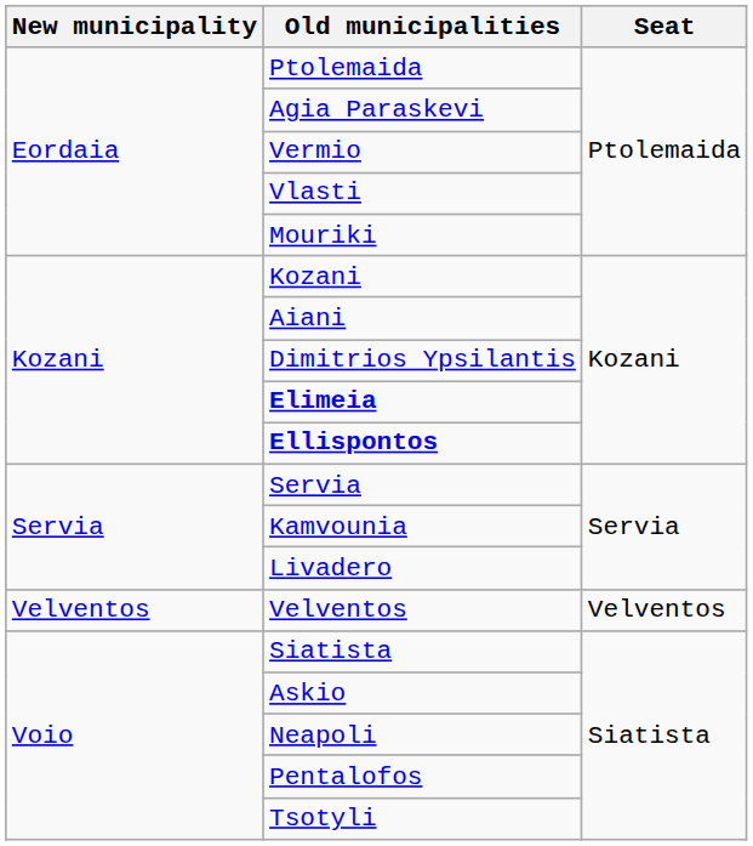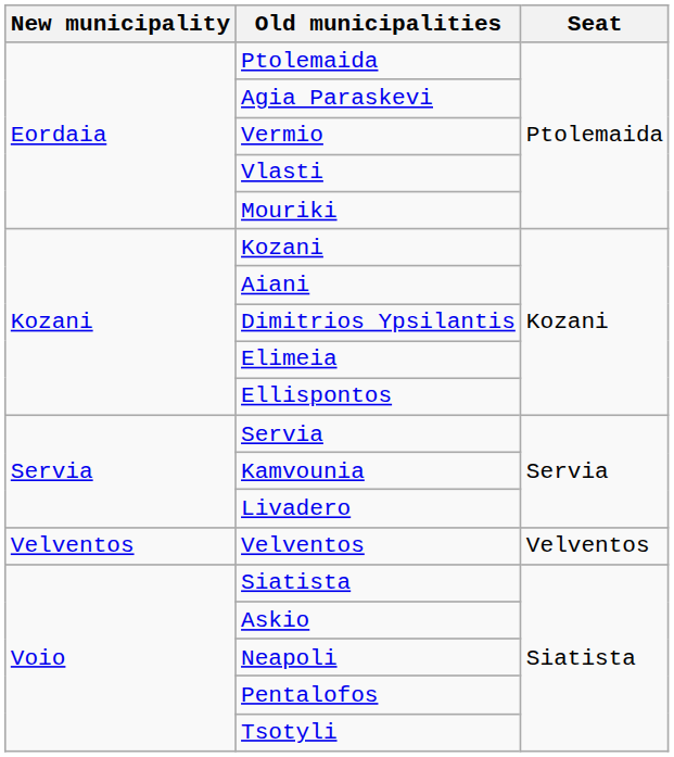 <table class="wikitable">
 <tr>
 <th>New municipality</th>
 <th>Old municipalities</th>
 <th>Seat</th>
 </tr>
 <tr>
 <td rowspan=5><a href='#'>Eordaia</a></td>
 <td><a href='#'>Ptolemaida</a></td>
 <td rowspan=5>Ptolemaida</td>
 </tr>
 <tr>
 <td><a href='#'>Agia Paraskevi</a></td>
 </tr>
 <tr>
 <td><a href='#'>Vermio</a></td>
 </tr>
 <tr>
 <td><a href='#'>Vlasti</a></td>
 </tr>
 <tr>
 <td><a href='#'>Mouriki</a></td>
 </tr>
 <tr>
 <td rowspan=5><a href='#'>Kozani</a></td>
 <td><a href='#'>Kozani</a></td>
 <td rowspan=5>Kozani</td>
 </tr>
 <tr>
 <td><a href='#'>Aiani</a></td>
 </tr>
 <tr>
 <td><a href='#'>Dimitrios Ypsilantis</a></td>
 </tr>
 <tr>
-<td><strong><a href='#'>Elimeia</a></strong></td>
+<td><a href='#'>Elimeia</a></td>
 </tr>
 <tr>
-<td><strong><a href='#'>Ellispontos</a></strong></td>
+<td><a href='#'>Ellispontos</a></td>
 </tr>
 <tr>
 <td rowspan=3><a href='#'>Servia</a></td>
 <td><a href='#'>Servia</a></td>
 <td rowspan=3>Servia</td>
 </tr>
 <tr>
 <td><a href='#'>Kamvounia</a></td>
 </tr>
 <tr>
 <td><a href='#'>Livadero</a></td>
 </tr>
 <tr>
 <td><a href='#'>Velventos</a></td>
 <td><a href='#'>Velventos</a></td>
 <td>Velventos</td>
 </tr>
 <tr>
 <td rowspan=5><a href='#'>Voio</a></td>
 <td><a href='#'>Siatista</a></td>
 <td rowspan=5>Siatista</td>
 </tr>
 <tr>
 <td><a href='#'>Askio</a></td>
 </tr>
 <tr>
 <td><a href='#'>Neapoli</a></td>
 </tr>
 <tr>
 <td><a href='#'>Pentalofos</a></td>
 </tr>
 <tr>
 <td><a href='#'>Tsotyli</a></td>
 </tr>
 </table>
